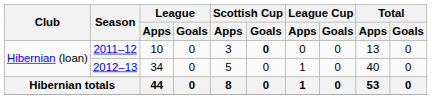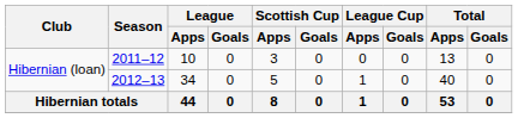 <table class="wikitable" style="text-align: center;">
 <tr>
 <th rowspan="2">Club</th>
 <th rowspan="2">Season</th>
 <th colspan="2">League</th>
 <th colspan="2">Scottish Cup</th>
 <th colspan="2">League Cup</th>
 <th colspan="2">Total</th>
 </tr>
 <tr>
 <th>Apps</th>
 <th>Goals</th>
 <th>Apps</th>
 <th>Goals</th>
 <th>Apps</th>
 <th>Goals</th>
 <th>Apps</th>
 <th>Goals</th>
 </tr>
 <tr>
 <td rowspan="2"><a href='#'>Hibernian</a> (loan)</td>
 <td><a href='#'>2011–12</a></td>
 <td>10</td>
 <td>0</td>
 <td>3</td>
-<td><strong>0</strong></td>
+<td>0</td>
 <td>0</td>
 <td>0</td>
 <td>13</td>
 <td>0</td>
 </tr>
 <tr>
 <td><a href='#'>2012–13</a></td>
 <td>34</td>
 <td>0</td>
 <td>5</td>
 <td>0</td>
 <td>1</td>
 <td>0</td>
 <td>40</td>
 <td>0</td>
 </tr>
 <tr>
 <th colspan="2">Hibernian totals</th>
 <th>44</th>
 <th>0</th>
 <th>8</th>
 <th>0</th>
 <th>1</th>
 <th>0</th>
 <th>53</th>
 <th>0</th>
 </tr>
 <tr>
 </tr>
 </table>
